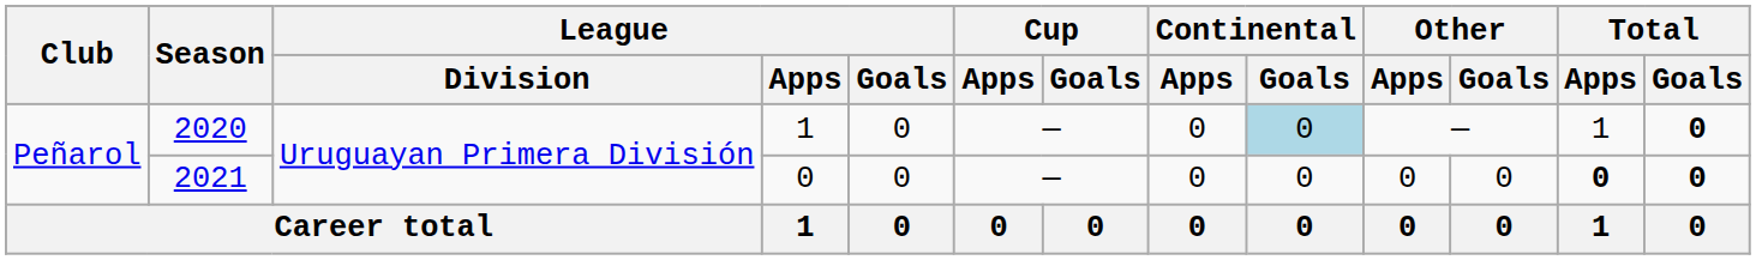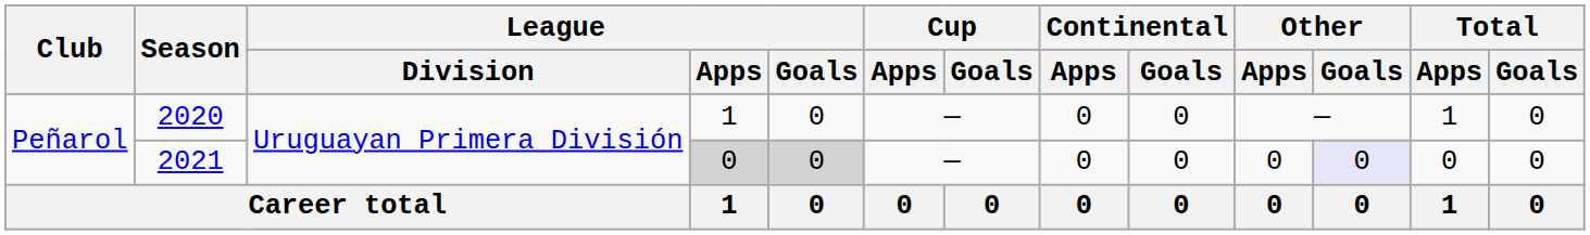 <table class="wikitable" Style="text-align: center">
 <tr>
 <th rowspan="2">Club</th>
 <th rowspan="2">Season</th>
 <th colspan="3">League</th>
 <th colspan="2">Cup</th>
 <th colspan="2">Continental</th>
 <th colspan="2">Other</th>
 <th colspan="2">Total</th>
 </tr>
 <tr>
 <th>Division</th>
 <th>Apps</th>
 <th>Goals</th>
 <th>Apps</th>
 <th>Goals</th>
 <th>Apps</th>
 <th>Goals</th>
 <th>Apps</th>
 <th>Goals</th>
 <th>Apps</th>
 <th>Goals</th>
 </tr>
 <tr>
 <td rowspan="2"><a href='#'>Peñarol</a></td>
 <td><a href='#'>2020</a></td>
 <td rowspan="2"><a href='#'>Uruguayan Primera División</a></td>
 <td>1</td>
 <td>0</td>
 <td colspan="2">—</td>
 <td>0</td>
-<td style="background: lightblue;">0</td>
+<td>0</td>
 <td colspan="2">—</td>
 <td>1</td>
-<td><strong>0</strong></td>
+<td>0</td>
 </tr>
 <tr>
 <td><a href='#'>2021</a></td>
-<td>0</td>
-<td>0</td>
+<td style="background: lightgrey;">0</td>
+<td style="background: lightgrey;">0</td>
 <td colspan="2">—</td>
 <td>0</td>
 <td>0</td>
 <td>0</td>
+<td style="background: lavender;">0</td>
 <td>0</td>
-<td><strong>0</strong></td>
-<td><strong>0</strong></td>
+<td>0</td>
 </tr>
 <tr>
 <th colspan="3">Career total</th>
 <th>1</th>
 <th>0</th>
 <th>0</th>
 <th>0</th>
 <th>0</th>
 <th>0</th>
 <th>0</th>
 <th>0</th>
 <th>1</th>
 <th>0</th>
 </tr>
 </table>
